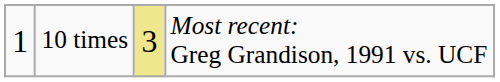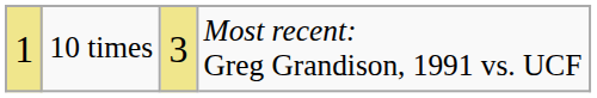 <table class="wikitable">
 <tr>
 </tr>
 <tr>
-<td>1</td>
+<td style="background: khaki;">1</td>
 <td style="font-size:80%;">10 times</td>
 <td style="background: khaki;">3</td>
 <td colspan=2 style="font-size:80%;"><em>Most recent:</em><br>Greg Grandison, 1991 vs. UCF</td>
 </tr>
 </table>
